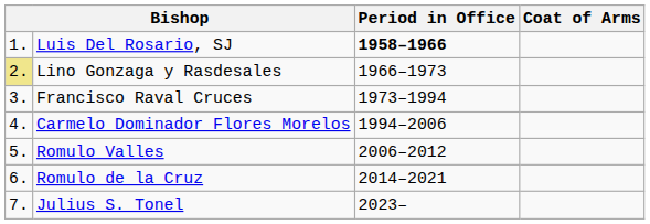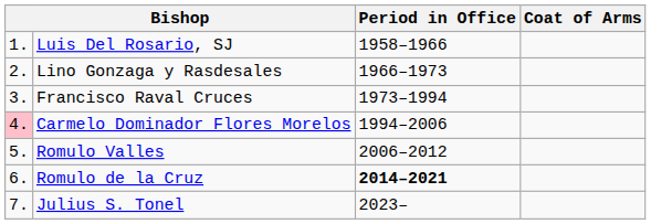 <table class="wikitable">
 <tr>
 <th colspan=2>Bishop</th>
 <th>Period in Office</th>
 <th>Coat of Arms</th>
 </tr>
 <tr>
 <td>1.</td>
 <td><a href='#'>Luis Del Rosario</a>, SJ</td>
-<td><strong>1958–1966</strong></td>
+<td>1958–1966</td>
 <td></td>
 </tr>
 <tr>
-<td style="background: khaki;">2.</td>
+<td>2.</td>
 <td>Lino Gonzaga y Rasdesales</td>
 <td>1966–1973</td>
 <td></td>
 </tr>
 <tr>
 <td>3.</td>
 <td>Francisco Raval Cruces</td>
 <td>1973–1994</td>
 <td></td>
 </tr>
 <tr>
-<td>4.</td>
+<td style="background: pink;">4.</td>
 <td><a href='#'>Carmelo Dominador Flores Morelos</a></td>
 <td>1994–2006</td>
 <td></td>
 </tr>
 <tr>
 <td>5.</td>
 <td><a href='#'>Romulo Valles</a></td>
 <td>2006–2012</td>
 <td></td>
 </tr>
 <tr>
 <td>6.</td>
 <td><a href='#'>Romulo de la Cruz</a></td>
-<td>2014–2021</td>
+<td><strong>2014–2021</strong></td>
 <td></td>
 </tr>
 <tr>
 <td>7.</td>
 <td><a href='#'>Julius S. Tonel</a></td>
 <td>2023–</td>
 <td></td>
 </tr>
 </table>
